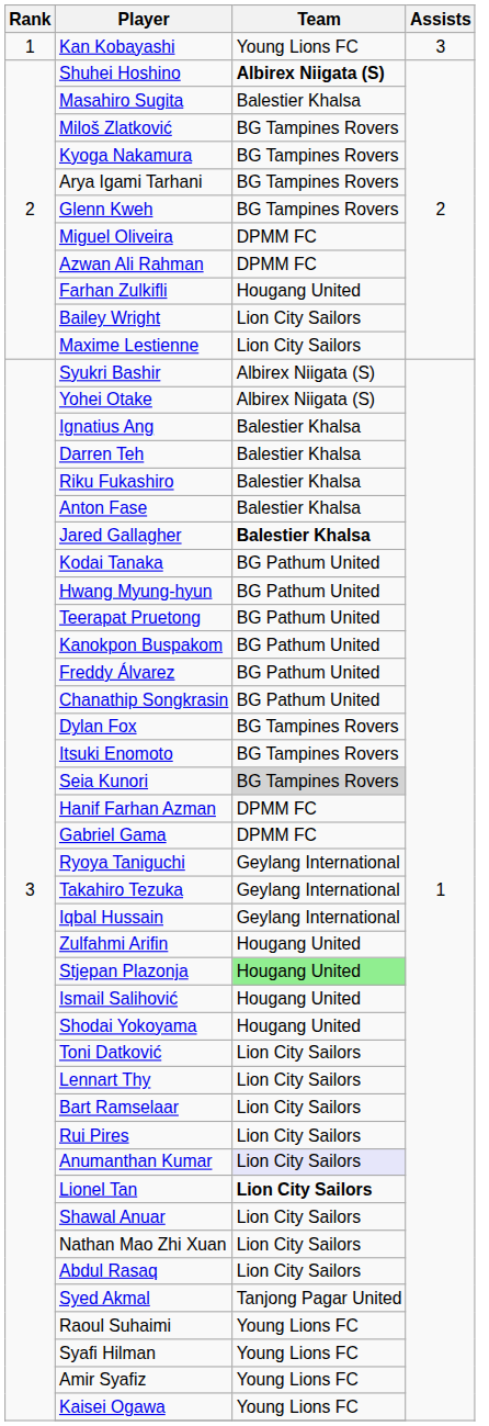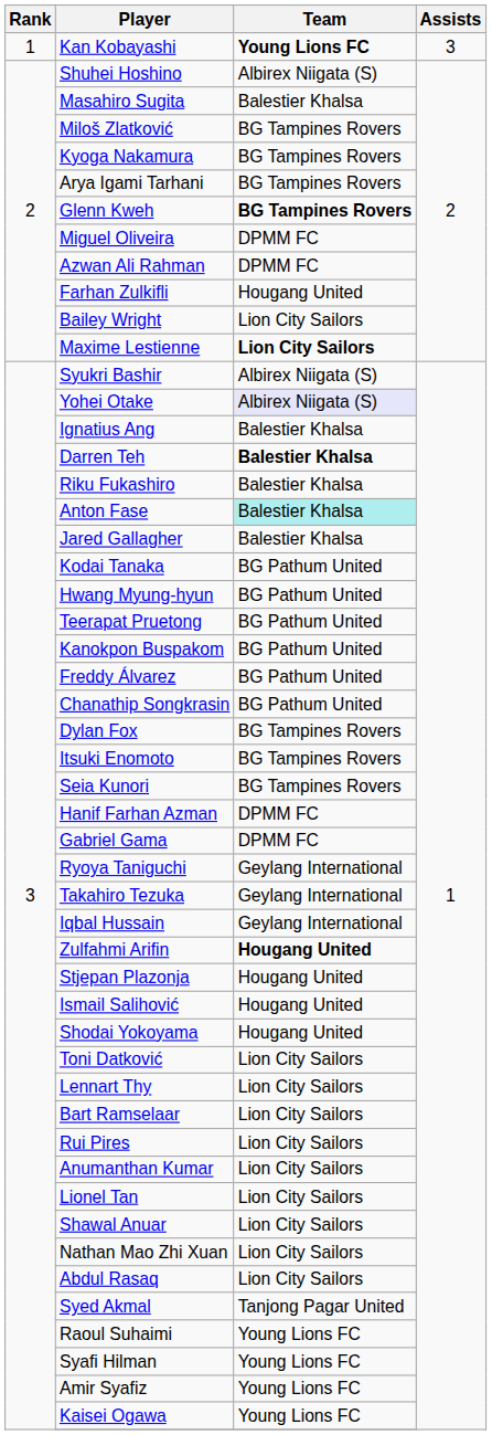 <table class="wikitable plainrowheaders sortable" style="font-size:90%">
 <tr>
 <th>Rank</th>
 <th>Player</th>
 <th>Team</th>
 <th>Assists</th>
 </tr>
 <tr>
 <td align="center" rowspan="1">1</td>
 <td> <a href='#'>Kan Kobayashi</a></td>
-<td>Young Lions FC</td>
+<td><strong>Young Lions FC</strong></td>
 <td align="center" rowspan="1">3</td>
 </tr>
 <tr>
 <td align="center" rowspan="11">2</td>
 <td> <a href='#'>Shuhei Hoshino</a></td>
-<td><strong>Albirex Niigata (S)</strong></td>
+<td>Albirex Niigata (S)</td>
 <td align="center" rowspan="11">2</td>
 </tr>
 <tr>
 <td> <a href='#'>Masahiro Sugita</a></td>
 <td>Balestier Khalsa</td>
 </tr>
 <tr>
 <td> <a href='#'>Miloš Zlatković</a></td>
 <td>BG Tampines Rovers</td>
 </tr>
 <tr>
 <td> <a href='#'>Kyoga Nakamura</a></td>
 <td>BG Tampines Rovers</td>
 </tr>
 <tr>
 <td> Arya Igami Tarhani</td>
 <td>BG Tampines Rovers</td>
 </tr>
 <tr>
 <td> <a href='#'>Glenn Kweh</a></td>
-<td>BG Tampines Rovers</td>
+<td><strong>BG Tampines Rovers</strong></td>
 </tr>
 <tr>
 <td> <a href='#'>Miguel Oliveira</a></td>
 <td>DPMM FC</td>
 </tr>
 <tr>
 <td> <a href='#'>Azwan Ali Rahman</a></td>
 <td>DPMM FC</td>
 </tr>
 <tr>
 <td> <a href='#'>Farhan Zulkifli</a></td>
 <td>Hougang United</td>
 </tr>
 <tr>
 <td> <a href='#'>Bailey Wright</a></td>
 <td>Lion City Sailors</td>
 </tr>
 <tr>
 <td> <a href='#'>Maxime Lestienne</a></td>
-<td>Lion City Sailors</td>
+<td><strong>Lion City Sailors</strong></td>
 </tr>
 <tr>
 <td align="center" rowspan="50">3</td>
 <td> <a href='#'>Syukri Bashir</a></td>
 <td>Albirex Niigata (S)</td>
 <td align="center" rowspan="50">1</td>
 </tr>
 <tr>
 <td> <a href='#'>Yohei Otake</a></td>
-<td>Albirex Niigata (S)</td>
+<td style="background: lavender;">Albirex Niigata (S)</td>
 </tr>
 <tr>
 <td> <a href='#'>Ignatius Ang</a></td>
 <td>Balestier Khalsa</td>
 </tr>
 <tr>
 <td> <a href='#'>Darren Teh</a></td>
-<td>Balestier Khalsa</td>
+<td><strong>Balestier Khalsa</strong></td>
 </tr>
 <tr>
 <td> <a href='#'>Riku Fukashiro</a></td>
 <td>Balestier Khalsa</td>
 </tr>
 <tr>
 <td> <a href='#'>Anton Fase</a></td>
-<td>Balestier Khalsa</td>
+<td style="background: paleturquoise;">Balestier Khalsa</td>
 </tr>
 <tr>
 <td> <a href='#'>Jared Gallagher</a></td>
-<td><strong>Balestier Khalsa</strong></td>
+<td>Balestier Khalsa</td>
 </tr>
 <tr>
 <td> <a href='#'>Kodai Tanaka</a></td>
 <td>BG Pathum United</td>
 </tr>
 <tr>
 <td> <a href='#'>Hwang Myung-hyun</a></td>
 <td>BG Pathum United</td>
 </tr>
 <tr>
 <td> <a href='#'>Teerapat Pruetong</a></td>
 <td>BG Pathum United</td>
 </tr>
 <tr>
 <td> <a href='#'>Kanokpon Buspakom</a></td>
 <td>BG Pathum United</td>
 </tr>
 <tr>
 <td> <a href='#'>Freddy Álvarez</a></td>
 <td>BG Pathum United</td>
 </tr>
 <tr>
 <td> <a href='#'>Chanathip Songkrasin</a></td>
 <td>BG Pathum United</td>
 </tr>
 <tr>
 <td> <a href='#'>Dylan Fox</a></td>
 <td>BG Tampines Rovers</td>
 </tr>
 <tr>
 <td> <a href='#'>Itsuki Enomoto</a></td>
 <td>BG Tampines Rovers</td>
 </tr>
 <tr>
 <td> <a href='#'>Seia Kunori</a></td>
-<td style="background: lightgrey;">BG Tampines Rovers</td>
+<td>BG Tampines Rovers</td>
 </tr>
 <tr>
 <td> <a href='#'>Hanif Farhan Azman</a></td>
 <td>DPMM FC</td>
 </tr>
 <tr>
 <td> <a href='#'>Gabriel Gama</a></td>
 <td>DPMM FC</td>
 </tr>
 <tr>
 <td> <a href='#'>Ryoya Taniguchi</a></td>
 <td>Geylang International</td>
 </tr>
 <tr>
 <td> <a href='#'>Takahiro Tezuka</a></td>
 <td>Geylang International</td>
 </tr>
 <tr>
 <td> <a href='#'>Iqbal Hussain</a></td>
 <td>Geylang International</td>
 </tr>
 <tr>
 <td> <a href='#'>Zulfahmi Arifin</a></td>
-<td>Hougang United</td>
+<td><strong>Hougang United</strong></td>
 </tr>
 <tr>
 <td> <a href='#'>Stjepan Plazonja</a></td>
-<td style="background: lightgreen;">Hougang United</td>
+<td>Hougang United</td>
 </tr>
 <tr>
 <td> <a href='#'>Ismail Salihović</a></td>
 <td>Hougang United</td>
 </tr>
 <tr>
 <td> <a href='#'>Shodai Yokoyama</a></td>
 <td>Hougang United</td>
 </tr>
 <tr>
 <td> <a href='#'>Toni Datković</a></td>
 <td>Lion City Sailors</td>
 </tr>
 <tr>
 <td> <a href='#'>Lennart Thy</a></td>
 <td>Lion City Sailors</td>
 </tr>
 <tr>
 <td> <a href='#'>Bart Ramselaar</a></td>
 <td>Lion City Sailors</td>
 </tr>
 <tr>
 <td> <a href='#'>Rui Pires</a></td>
 <td>Lion City Sailors</td>
 </tr>
 <tr>
 <td> <a href='#'>Anumanthan Kumar</a></td>
-<td style="background: lavender;">Lion City Sailors</td>
+<td>Lion City Sailors</td>
 </tr>
 <tr>
 <td> <a href='#'>Lionel Tan</a></td>
-<td><strong>Lion City Sailors</strong></td>
+<td>Lion City Sailors</td>
 </tr>
 <tr>
 <td> <a href='#'>Shawal Anuar</a></td>
 <td>Lion City Sailors</td>
 </tr>
 <tr>
 <td> Nathan Mao Zhi Xuan</td>
 <td>Lion City Sailors</td>
 </tr>
 <tr>
 <td>  <a href='#'>Abdul Rasaq</a></td>
 <td>Lion City Sailors</td>
 </tr>
 <tr>
 <td> <a href='#'>Syed Akmal</a></td>
 <td>Tanjong Pagar United</td>
 </tr>
 <tr>
 <td> Raoul Suhaimi</td>
 <td>Young Lions FC</td>
 </tr>
 <tr>
 <td> Syafi Hilman</td>
 <td>Young Lions FC</td>
 </tr>
 <tr>
 <td> Amir Syafiz</td>
 <td>Young Lions FC</td>
 </tr>
 <tr>
 <td> <a href='#'>Kaisei Ogawa</a></td>
 <td>Young Lions FC</td>
 </tr>
 <tr>
 </tr>
 </table>
